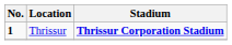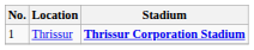 <table class="wikitable">
 <tr>
 <th>No.</th>
 <th>Location</th>
 <th>Stadium</th>
 </tr>
 <tr>
-<td><strong>1</strong></td>
+<td>1</td>
 <td><a href='#'>Thrissur</a></td>
 <td><strong><a href='#'>Thrissur Corporation Stadium</a></strong></td>
 </tr>
 <tr>
 </tr>
 </table>
